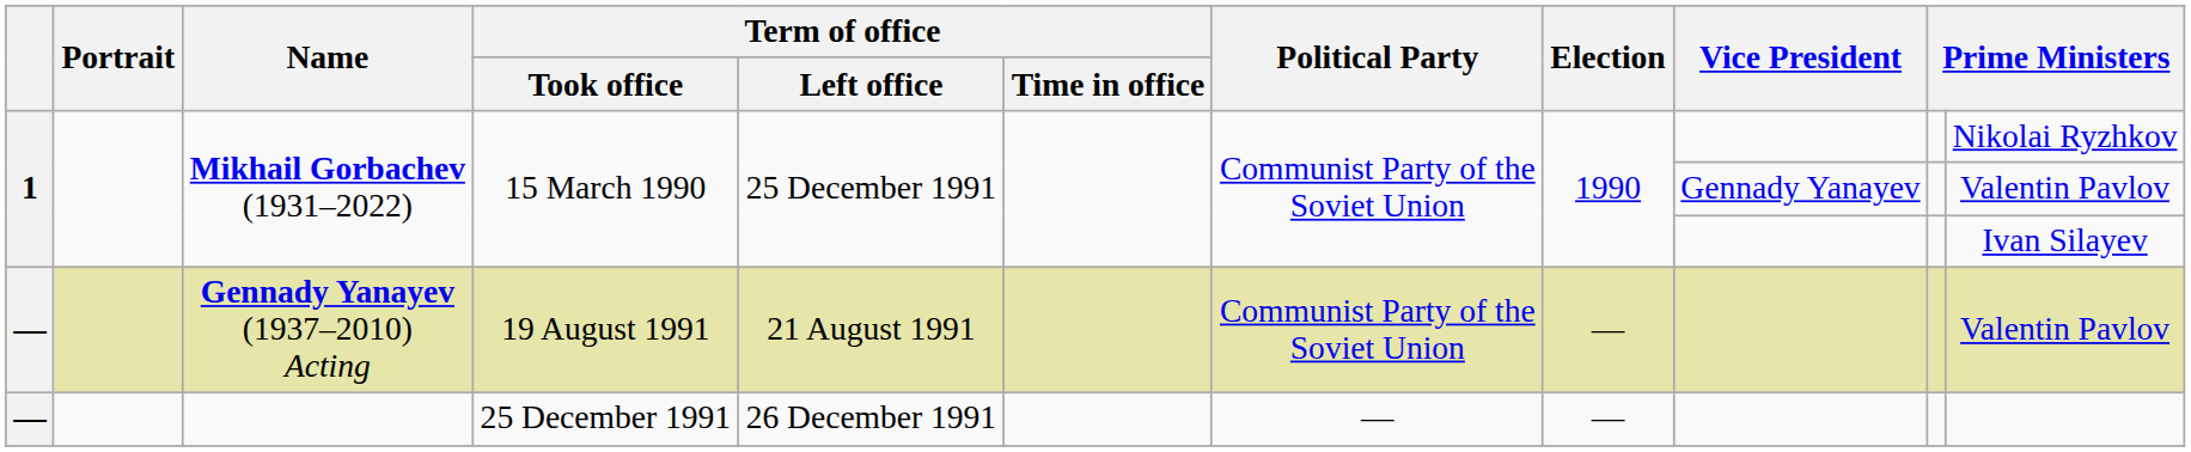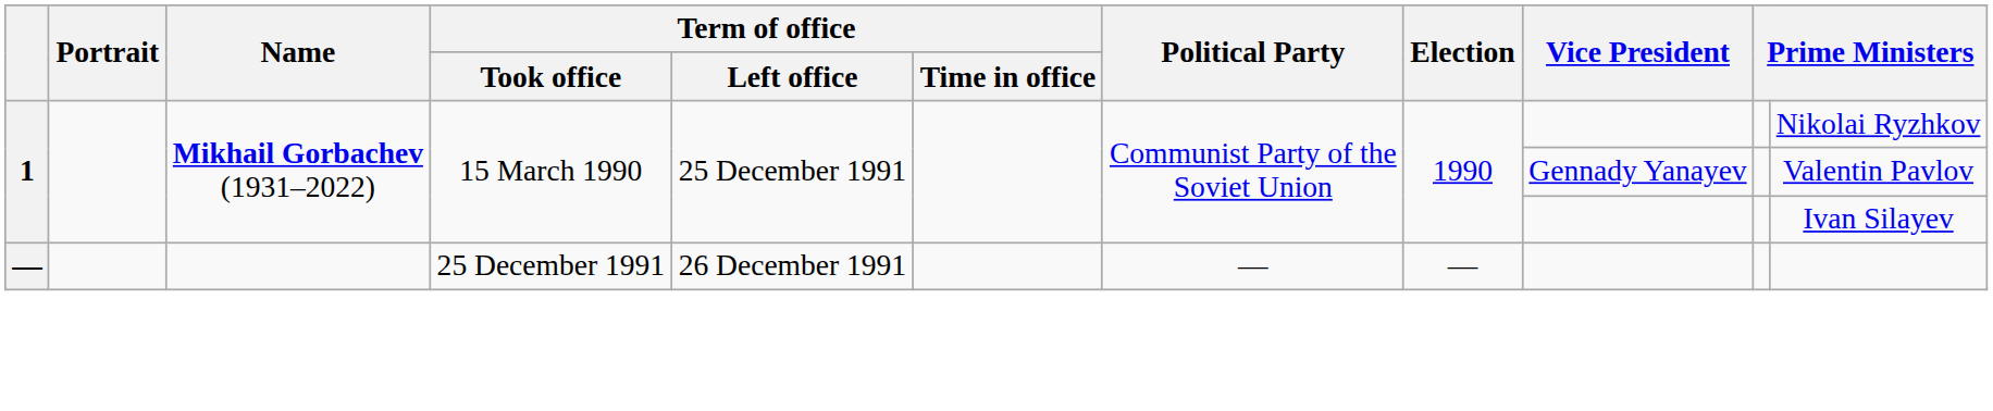 <table class="wikitable" style="text-align:center;">
 <tr>
 <th rowspan=2></th>
 <th rowspan=2>Portrait</th>
 <th rowspan=2>Name<br></th>
 <th colspan=3>Term of office</th>
 <th rowspan=2>Political Party</th>
 <th rowspan=2>Election</th>
 <th rowspan=2><a href='#'>Vice President</a></th>
 <th rowspan=2 colspan=2><a href='#'>Prime Ministers</a></th>
 </tr>
 <tr>
 <th>Took office</th>
 <th>Left office</th>
 <th>Time in office</th>
 </tr>
 <tr>
 <th rowspan=3 style="background:">1</th>
 <td rowspan=3></td>
 <td rowspan=3><strong><a href='#'>Mikhail Gorbachev</a></strong><br>(1931–2022)</td>
 <td rowspan=3 class="nowrap">15 March 1990</td>
 <td rowspan=3 class="nowrap">25 December 1991</td>
 <td rowspan=3></td>
 <td rowspan=3><a href='#'>Communist Party of the<br>Soviet Union</a></td>
 <td rowspan=3><a href='#'>1990</a></td>
 <td></td>
 <td width="1" style="color:inherit;background:"></td>
 <td><a href='#'>Nikolai Ryzhkov</a></td>
 </tr>
 <tr>
 <td><a href='#'>Gennady Yanayev</a></td>
 <td width="1" style="color:inherit;background:"></td>
 <td><a href='#'>Valentin Pavlov</a></td>
 </tr>
 <tr>
 <td></td>
 <td width="1" style="color:inherit;background:"></td>
 <td><a href='#'>Ivan Silayev</a></td>
 </tr>
-<tr style="background:#e6e6aa;">
-<th style="background:">—</th>
-<td></td>
-<td><strong><a href='#'>Gennady Yanayev</a></strong><br>(1937–2010)<em><br>Acting</em></td>
-<td>19 August 1991</td>
-<td>21 August 1991</td>
-<td></td>
-<td><a href='#'>Communist Party of the<br>Soviet Union</a></td>
-<td>—</td>
-<td></td>
-<td width="1" style="color:inherit;background:"></td>
-<td><a href='#'>Valentin Pavlov</a></td>
-</tr>
 <tr style="background:">
 <th style="background:">—</th>
 <td></td>
 <td></td>
 <td>25 December 1991</td>
 <td>26 December 1991</td>
 <td></td>
 <td>—</td>
 <td>—</td>
 <td></td>
 <td width="1" style="color:inherit;background:"></td>
 <td></td>
 </tr>
 </table>
